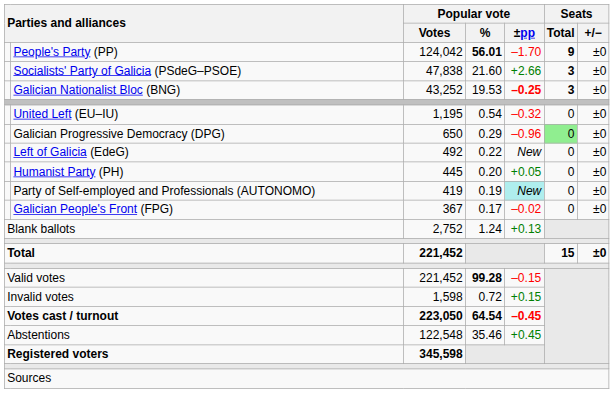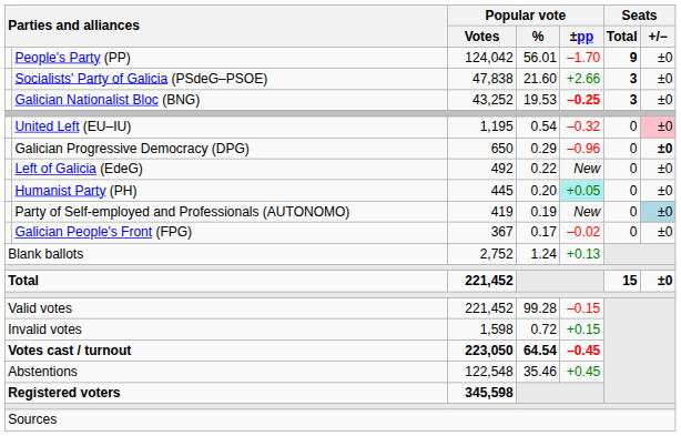 <table class="wikitable" style="text-align:right;">
 <tr>
 <th style="text-align:left;" rowspan="2" colspan="2" width="525">Parties and alliances</th>
 <th colspan="3">Popular vote</th>
 <th colspan="2">Seats</th>
 </tr>
 <tr>
 <th width="75">Votes</th>
 <th width="45">%</th>
 <th width="45">±<a href='#'>pp</a></th>
 <th width="35">Total</th>
 <th width="35">+/−</th>
 </tr>
 <tr>
 <td width="1" style="color:inherit;background:"></td>
 <td align="left"><a href='#'>People's Party</a> (PP)</td>
 <td>124,042</td>
-<td><strong>56.01</strong></td>
+<td>56.01</td>
 <td style="color:red;">–1.70</td>
 <td><strong>9</strong></td>
 <td>±0</td>
 </tr>
 <tr>
 <td style="color:inherit;background:"></td>
 <td align="left"><a href='#'>Socialists' Party of Galicia</a> (PSdeG–PSOE)</td>
 <td>47,838</td>
 <td>21.60</td>
 <td style="color:green;">+2.66</td>
 <td><strong>3</strong></td>
 <td>±0</td>
 </tr>
 <tr>
 <td style="color:inherit;background:"></td>
 <td align="left"><a href='#'>Galician Nationalist Bloc</a> (BNG)</td>
 <td>43,252</td>
 <td>19.53</td>
 <td style="color:red;"><strong>–0.25</strong></td>
 <td><strong>3</strong></td>
 <td>±0</td>
 </tr>
 <tr>
 <td colspan="7" bgcolor="#C0C0C0"></td>
 </tr>
 <tr>
 <td style="color:inherit;background:"></td>
 <td align="left"><a href='#'>United Left</a> (EU–IU)</td>
 <td>1,195</td>
 <td>0.54</td>
 <td style="color:red;">–0.32</td>
 <td>0</td>
-<td>±0</td>
+<td style="background: pink;">±0</td>
 </tr>
 <tr>
 <td style="color:inherit;background:"></td>
 <td align="left">Galician Progressive Democracy (DPG)</td>
 <td>650</td>
 <td>0.29</td>
 <td style="color:red;">–0.96</td>
-<td style="background: lightgreen;">0</td>
-<td>±0</td>
+<td>0</td>
+<td><strong>±0</strong></td>
 </tr>
 <tr>
 <td style="color:inherit;background:"></td>
 <td align="left"><a href='#'>Left of Galicia</a> (EdeG)</td>
 <td>492</td>
 <td>0.22</td>
 <td><em>New</em></td>
 <td>0</td>
 <td>±0</td>
 </tr>
 <tr>
 <td style="color:inherit;background:"></td>
 <td align="left"><a href='#'>Humanist Party</a> (PH)</td>
 <td>445</td>
 <td>0.20</td>
-<td style="color:green;">+0.05</td>
+<td style="background: paleturquoise; color:green;">+0.05</td>
 <td>0</td>
 <td>±0</td>
 </tr>
 <tr>
 <td style="color:inherit;background:"></td>
 <td align="left">Party of Self-employed and Professionals (AUTONOMO)</td>
 <td>419</td>
 <td>0.19</td>
-<td style="background: paleturquoise;"><em>New</em></td>
+<td><em>New</em></td>
 <td>0</td>
-<td>±0</td>
+<td style="background: lightblue;">±0</td>
 </tr>
 <tr>
 <td style="color:inherit;background:"></td>
 <td align="left"><a href='#'>Galician People's Front</a> (FPG)</td>
 <td>367</td>
 <td>0.17</td>
 <td style="color:red;">–0.02</td>
 <td>0</td>
 <td>±0</td>
 </tr>
 <tr>
 <td align="left" colspan="2">Blank ballots</td>
 <td>2,752</td>
 <td>1.24</td>
 <td style="color:green;">+0.13</td>
 <td bgcolor="#E9E9E9" colspan="2"></td>
 </tr>
 <tr>
 <td colspan="7" bgcolor="#E9E9E9"></td>
 </tr>
 <tr style="font-weight:bold;">
 <td align="left" colspan="2">Total</td>
 <td>221,452</td>
 <td bgcolor="#E9E9E9" colspan="2"></td>
 <td>15</td>
 <td>±0</td>
 </tr>
 <tr>
 <td colspan="7" bgcolor="#E9E9E9"></td>
 </tr>
 <tr>
 <td align="left" colspan="2">Valid votes</td>
 <td>221,452</td>
-<td><strong>99.28</strong></td>
+<td>99.28</td>
 <td style="color:red;">–0.15</td>
 <td bgcolor="#E9E9E9" colspan="7" rowspan="5"></td>
 </tr>
 <tr>
 <td align="left" colspan="2">Invalid votes</td>
 <td>1,598</td>
 <td>0.72</td>
 <td style="color:green;">+0.15</td>
 </tr>
 <tr style="font-weight:bold;">
 <td align="left" colspan="2">Votes cast / turnout</td>
 <td>223,050</td>
 <td>64.54</td>
 <td style="color:red;">–0.45</td>
 </tr>
 <tr>
 <td align="left" colspan="2">Abstentions</td>
 <td>122,548</td>
 <td>35.46</td>
 <td style="color:green;">+0.45</td>
 </tr>
 <tr style="font-weight:bold;">
 <td align="left" colspan="2">Registered voters</td>
 <td>345,598</td>
 <td bgcolor="#E9E9E9" colspan="2"></td>
 </tr>
 <tr>
 <td colspan="7" bgcolor="#E9E9E9"></td>
 </tr>
 <tr>
 <td align="left" colspan="7">Sources</td>
 </tr>
 </table>
